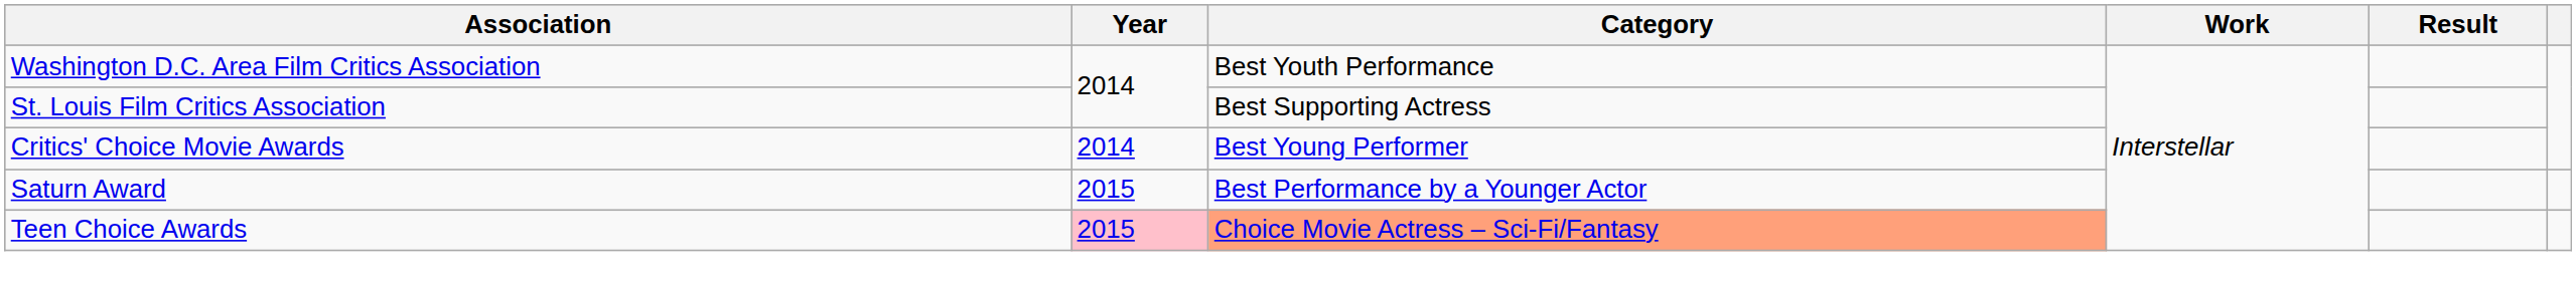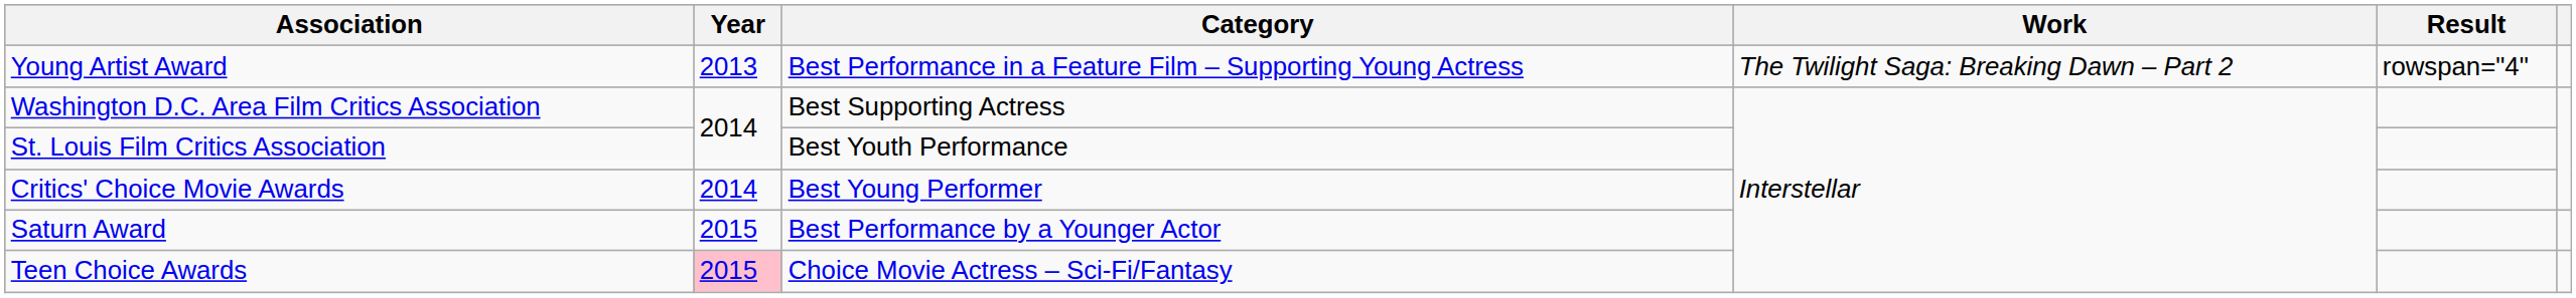 <table class="wikitable plainrowheaders" style="width: 100%;">
 <tr>
 <th scope="col">Association</th>
 <th scope="col">Year</th>
 <th scope="col">Category</th>
 <th scope="col">Work</th>
 <th scope="col" style="width: 7%;">Result</th>
 <th scope="col" class="unsortable"></th>
 </tr>
 <tr>
+<td><a href='#'>Young Artist Award</a></td>
+<td><a href='#'>2013</a></td>
+<td><a href='#'>Best Performance in a Feature Film – Supporting Young Actress</a></td>
+<td><em>The Twilight Saga: Breaking Dawn – Part 2</em></td>
+<td>rowspan="4" </td>
+<td style="text-align:center;"></td>
+</tr>
+<tr>
 <td><a href='#'>Washington D.C. Area Film Critics Association</a></td>
 <td rowspan="2">2014</td>
-<td>Best Youth Performance</td>
+<td>Best Supporting Actress</td>
 <td rowspan="5"><em>Interstellar</em></td>
 <td style="text-align:center;"></td>
 </tr>
 <tr>
 <td><a href='#'>St. Louis Film Critics Association</a></td>
-<td>Best Supporting Actress</td>
+<td>Best Youth Performance</td>
 <td style="text-align:center;"></td>
 </tr>
 <tr>
 <td><a href='#'>Critics' Choice Movie Awards</a></td>
 <td><a href='#'>2014</a></td>
 <td><a href='#'>Best Young Performer</a></td>
 <td style="text-align:center;"></td>
 </tr>
 <tr>
 <td><a href='#'>Saturn Award</a></td>
 <td><a href='#'>2015</a></td>
 <td><a href='#'>Best Performance by a Younger Actor</a></td>
 <td></td>
 <td style="text-align:center;"></td>
 </tr>
 <tr>
 <td><a href='#'>Teen Choice Awards</a></td>
 <td style="background: pink;"><a href='#'>2015</a></td>
-<td style="background: lightsalmon;"><a href='#'>Choice Movie Actress – Sci-Fi/Fantasy</a></td>
+<td><a href='#'>Choice Movie Actress – Sci-Fi/Fantasy</a></td>
 <td></td>
 <td style="text-align:center;"></td>
 </tr>
 </table>
